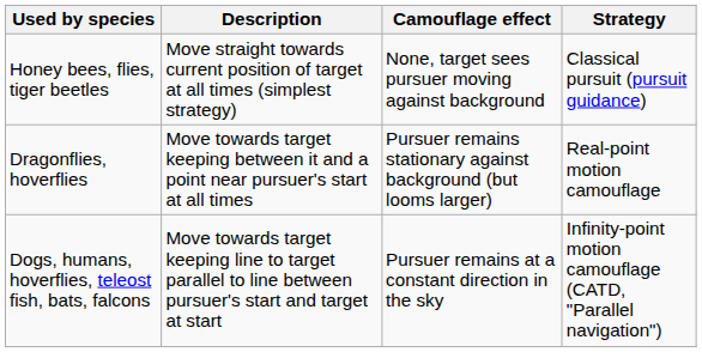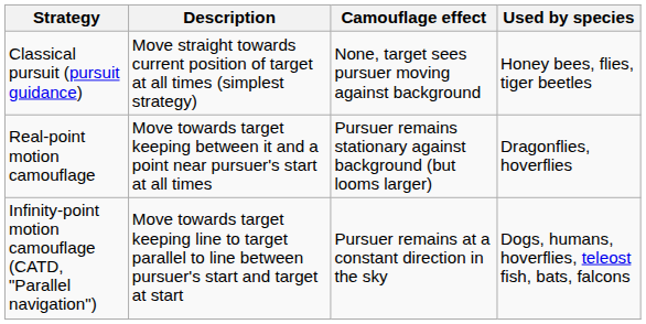 <table class="wikitable">
 <tr>
-<th>Used by species</th>
+<th>Strategy</th>
 <th>Description</th>
 <th>Camouflage effect</th>
-<th>Strategy</th>
+<th>Used by species</th>
 </tr>
 <tr>
-<td>Honey bees, flies, tiger beetles</td>
+<td>Classical pursuit (<a href='#'>pursuit guidance</a>)</td>
 <td>Move straight towards current position of target at all times (simplest strategy)</td>
 <td>None, target sees pursuer moving against background</td>
-<td>Classical pursuit (<a href='#'>pursuit guidance</a>)</td>
+<td>Honey bees, flies, tiger beetles</td>
 </tr>
 <tr>
-<td>Dragonflies, hoverflies</td>
+<td>Real-point motion camouflage</td>
 <td>Move towards target keeping between it and a point near pursuer's start at all times</td>
 <td>Pursuer remains stationary against background (but looms larger)</td>
-<td>Real-point motion camouflage</td>
+<td>Dragonflies, hoverflies</td>
 </tr>
 <tr>
-<td>Dogs, humans, hoverflies, <a href='#'>teleost</a> fish, bats, falcons</td>
+<td>Infinity-point motion camouflage<br>(CATD, "Parallel navigation")</td>
 <td>Move towards target keeping line to target parallel to line between pursuer's start and target at start</td>
 <td>Pursuer remains at a constant direction in the sky</td>
-<td>Infinity-point motion camouflage<br>(CATD, "Parallel navigation")</td>
+<td>Dogs, humans, hoverflies, <a href='#'>teleost</a> fish, bats, falcons</td>
 </tr>
 </table>
